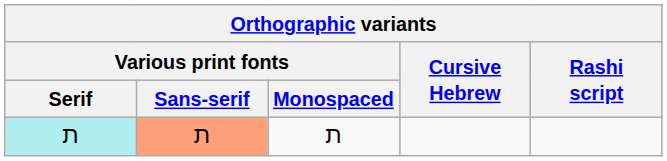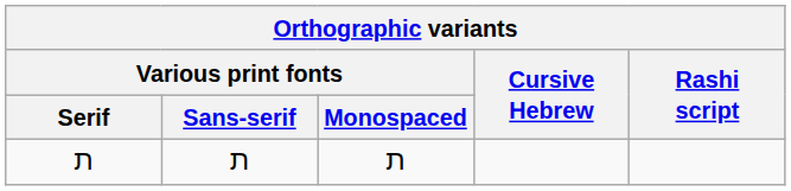 <table class=wikitable style="text-align:center;">
 <tr>
 <th colspan=5><small><a href='#'>Orthographic</a> variants</small></th>
 </tr>
 <tr>
 <th colspan=3><small>Various print fonts</small></th>
 <th rowspan=2><small><a href='#'>Cursive<br>Hebrew</a></small></th>
 <th rowspan=2><small><a href='#'>Rashi<br>script</a></small></th>
 </tr>
 <tr>
 <th><small>Serif</small></th>
 <th><small><a href='#'>Sans-serif</a></small></th>
 <th><small><a href='#'>Monospaced</a></small></th>
 </tr>
 <tr>
-<td width=20% style="background: paleturquoise;"><span>ת</span></td>
-<td width=20% style="background: lightsalmon;"><span>ת</span></td>
+<td width=20%><span>ת</span></td>
+<td width=20%><span>ת</span></td>
 <td width=20%><span>ת</span></td>
 <td width=20%></td>
 <td width=20%></td>
 </tr>
 </table>
